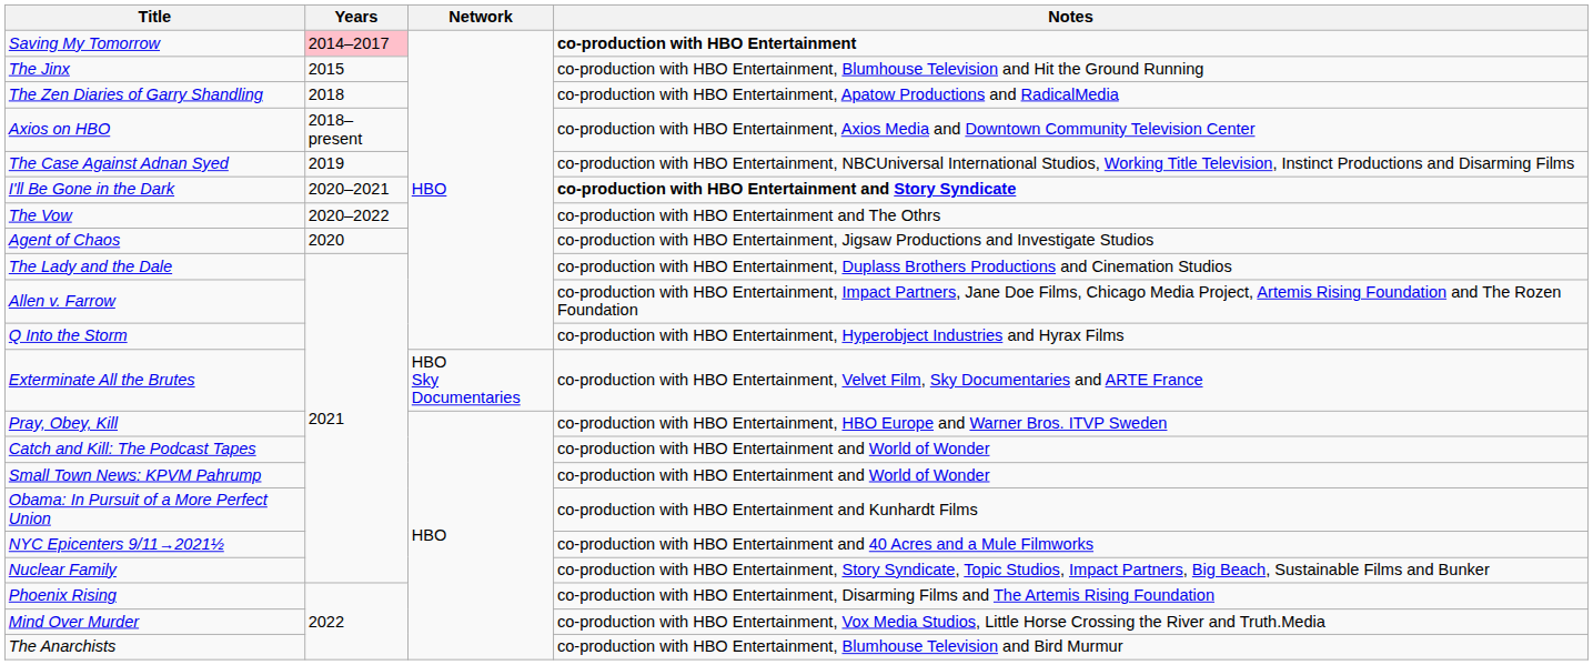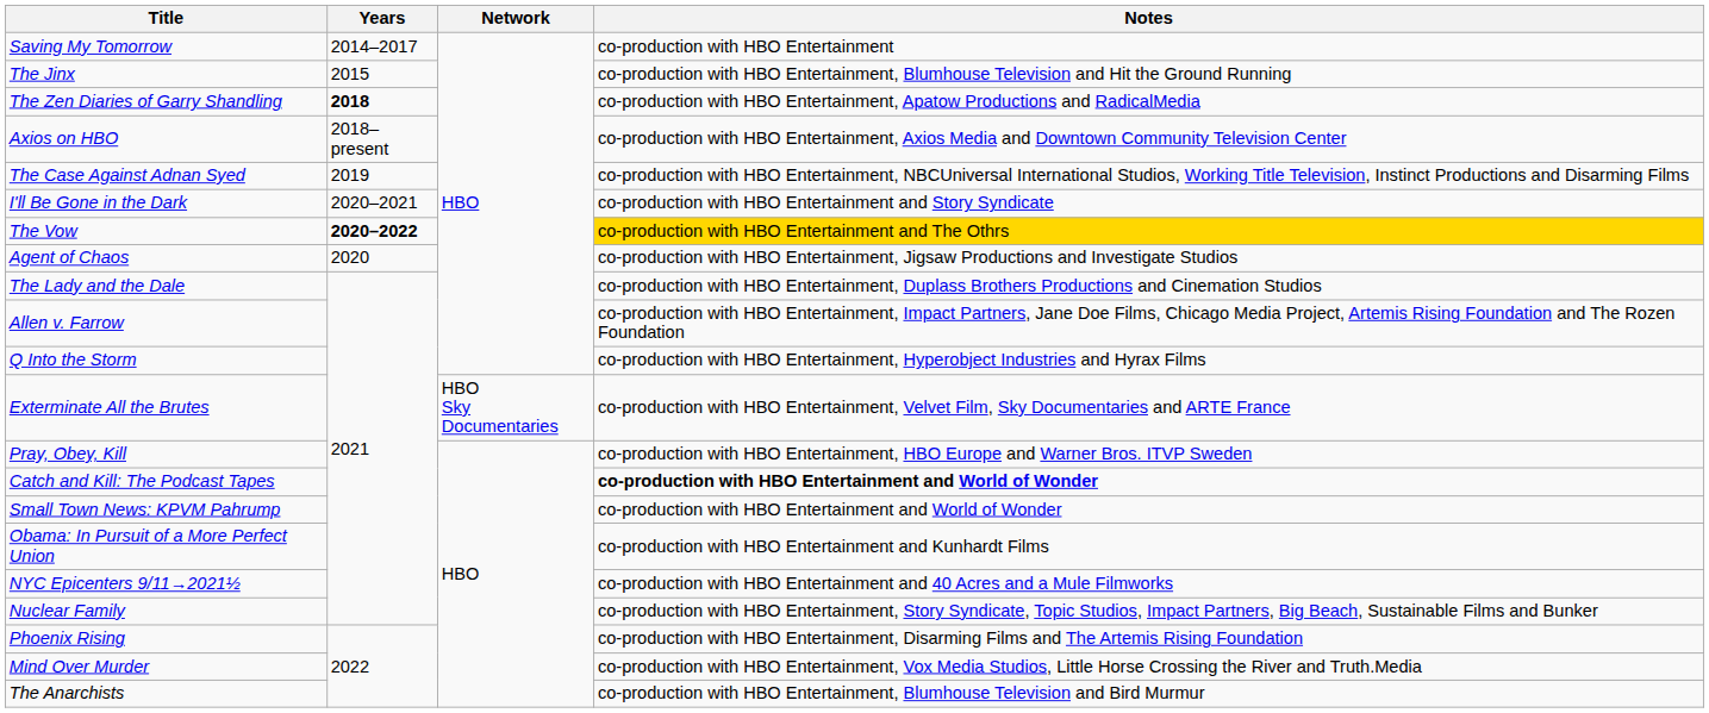 <table class="wikitable sortable">
 <tr>
 <th>Title</th>
 <th>Years</th>
 <th>Network</th>
 <th>Notes</th>
 </tr>
 <tr>
 <td><em><a href='#'>Saving My Tomorrow</a></em></td>
-<td style="background: pink;">2014–2017</td>
+<td>2014–2017</td>
 <td rowspan="11"><a href='#'>HBO</a></td>
-<td><strong>co-production with HBO Entertainment</strong></td>
+<td>co-production with HBO Entertainment</td>
 </tr>
 <tr>
 <td><em><a href='#'>The Jinx</a></em></td>
 <td>2015</td>
 <td>co-production with HBO Entertainment, <a href='#'>Blumhouse Television</a> and Hit the Ground Running</td>
 </tr>
 <tr>
 <td><em><a href='#'>The Zen Diaries of Garry Shandling</a></em></td>
-<td>2018</td>
+<td><strong>2018</strong></td>
 <td>co-production with HBO Entertainment, <a href='#'>Apatow Productions</a> and <a href='#'>RadicalMedia</a></td>
 </tr>
 <tr>
 <td><em><a href='#'>Axios on HBO</a></em></td>
 <td>2018–present</td>
 <td>co-production with HBO Entertainment, <a href='#'>Axios Media</a> and <a href='#'>Downtown Community Television Center</a></td>
 </tr>
 <tr>
 <td><em><a href='#'>The Case Against Adnan Syed</a></em></td>
 <td>2019</td>
 <td>co-production with HBO Entertainment, NBCUniversal International Studios, <a href='#'>Working Title Television</a>, Instinct Productions and Disarming Films</td>
 </tr>
 <tr>
 <td><em><a href='#'>I'll Be Gone in the Dark</a></em></td>
 <td>2020–2021</td>
-<td><strong>co-production with HBO Entertainment and <a href='#'>Story Syndicate</a></strong></td>
+<td>co-production with HBO Entertainment and <a href='#'>Story Syndicate</a></td>
 </tr>
 <tr>
 <td><em><a href='#'>The Vow</a></em></td>
-<td>2020–2022</td>
-<td>co-production with HBO Entertainment and The Othrs</td>
+<td><strong>2020–2022</strong></td>
+<td style="background: gold;">co-production with HBO Entertainment and The Othrs</td>
 </tr>
 <tr>
 <td><em><a href='#'>Agent of Chaos</a></em></td>
 <td>2020</td>
 <td>co-production with HBO Entertainment, Jigsaw Productions and Investigate Studios</td>
 </tr>
 <tr>
 <td><em><a href='#'>The Lady and the Dale</a></em></td>
 <td rowspan="10">2021</td>
 <td>co-production with HBO Entertainment, <a href='#'>Duplass Brothers Productions</a> and Cinemation Studios</td>
 </tr>
 <tr>
 <td><em><a href='#'>Allen v. Farrow</a></em></td>
 <td>co-production with HBO Entertainment, <a href='#'>Impact Partners</a>, Jane Doe Films, Chicago Media Project, <a href='#'>Artemis Rising Foundation</a> and The Rozen Foundation</td>
 </tr>
 <tr>
 <td><em><a href='#'>Q Into the Storm</a></em></td>
 <td>co-production with HBO Entertainment, <a href='#'>Hyperobject Industries</a> and Hyrax Films</td>
 </tr>
 <tr>
 <td><em><a href='#'>Exterminate All the Brutes</a></em></td>
 <td>HBO<br><a href='#'>Sky Documentaries</a></td>
 <td>co-production with HBO Entertainment, <a href='#'>Velvet Film</a>, <a href='#'>Sky Documentaries</a> and <a href='#'>ARTE France</a></td>
 </tr>
 <tr>
 <td><em><a href='#'>Pray, Obey, Kill</a></em></td>
 <td rowspan="9">HBO</td>
 <td>co-production with HBO Entertainment, <a href='#'>HBO Europe</a> and <a href='#'>Warner Bros. ITVP Sweden</a></td>
 </tr>
 <tr>
 <td><em><a href='#'>Catch and Kill: The Podcast Tapes</a></em></td>
-<td>co-production with HBO Entertainment and <a href='#'>World of Wonder</a></td>
+<td><strong>co-production with HBO Entertainment and <a href='#'>World of Wonder</a></strong></td>
 </tr>
 <tr>
 <td><em><a href='#'>Small Town News: KPVM Pahrump</a></em></td>
 <td>co-production with HBO Entertainment and <a href='#'>World of Wonder</a></td>
 </tr>
 <tr>
 <td><em><a href='#'>Obama: In Pursuit of a More Perfect Union</a></em></td>
 <td>co-production with HBO Entertainment and Kunhardt Films</td>
 </tr>
 <tr>
 <td><em><a href='#'>NYC Epicenters 9/11→2021½</a></em></td>
 <td>co-production with HBO Entertainment and <a href='#'>40 Acres and a Mule Filmworks</a></td>
 </tr>
 <tr>
 <td><em><a href='#'>Nuclear Family</a></em></td>
 <td>co-production with HBO Entertainment, <a href='#'>Story Syndicate</a>, <a href='#'>Topic Studios</a>, <a href='#'>Impact Partners</a>, <a href='#'>Big Beach</a>, Sustainable Films and Bunker</td>
 </tr>
 <tr>
 <td><em><a href='#'>Phoenix Rising</a></em></td>
 <td rowspan="3">2022</td>
 <td>co-production with HBO Entertainment, Disarming Films and <a href='#'>The Artemis Rising Foundation</a></td>
 </tr>
 <tr>
 <td><em><a href='#'>Mind Over Murder</a></em></td>
 <td>co-production with HBO Entertainment, <a href='#'>Vox Media Studios</a>, Little Horse Crossing the River and Truth.Media</td>
 </tr>
 <tr>
 <td><em>The Anarchists</em></td>
 <td>co-production with HBO Entertainment, <a href='#'>Blumhouse Television</a> and Bird Murmur</td>
 </tr>
 </table>
